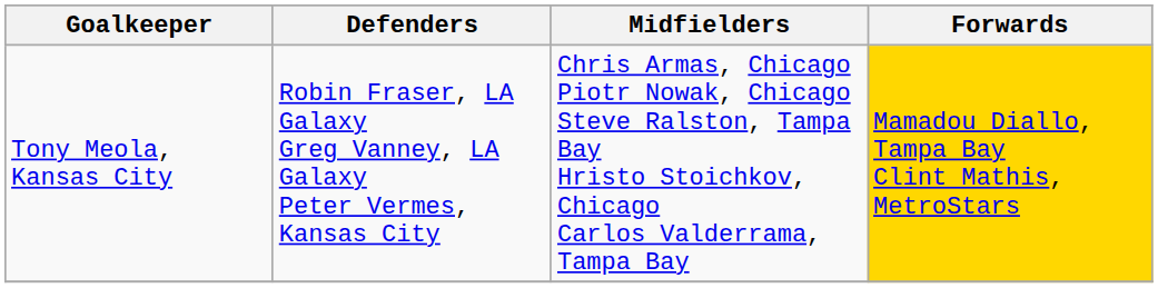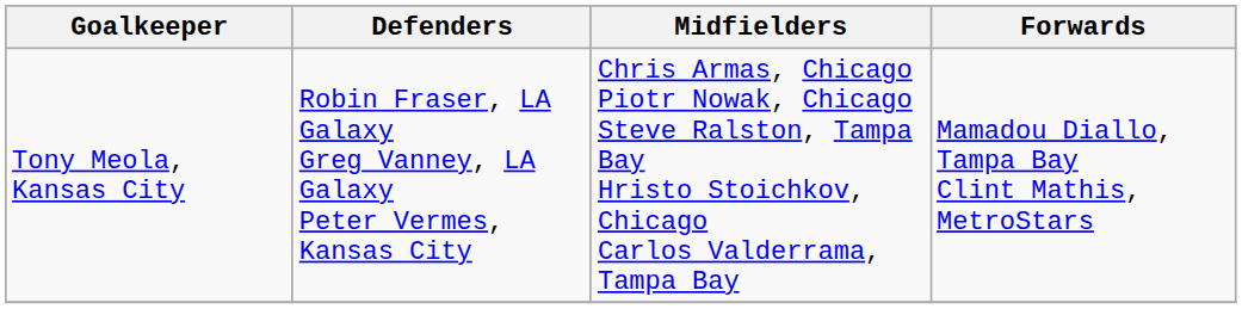 <table class="wikitable">
 <tr style="background:#cccccc;">
 <th>Goalkeeper</th>
 <th>Defenders</th>
 <th>Midfielders</th>
 <th>Forwards</th>
 </tr>
 <tr>
 <td> <a href='#'>Tony Meola</a>, <a href='#'>Kansas City</a></td>
 <td> <a href='#'>Robin Fraser</a>, <a href='#'>LA Galaxy</a> <br> <a href='#'>Greg Vanney</a>, <a href='#'>LA Galaxy</a><br> <a href='#'>Peter Vermes</a>, <a href='#'>Kansas City</a></td>
 <td> <a href='#'>Chris Armas</a>, <a href='#'>Chicago</a> <br> <a href='#'>Piotr Nowak</a>, <a href='#'>Chicago</a> <br> <a href='#'>Steve Ralston</a>, <a href='#'>Tampa Bay</a><br> <a href='#'>Hristo Stoichkov</a>, <a href='#'>Chicago</a><br> <a href='#'>Carlos Valderrama</a>, <a href='#'>Tampa Bay</a></td>
-<td style="background: gold;"> <a href='#'>Mamadou Diallo</a>, <a href='#'>Tampa Bay</a><br> <a href='#'>Clint Mathis</a>, <a href='#'>MetroStars</a></td>
+<td> <a href='#'>Mamadou Diallo</a>, <a href='#'>Tampa Bay</a><br> <a href='#'>Clint Mathis</a>, <a href='#'>MetroStars</a></td>
 </tr>
 <tr style="background:#f4f4f4;">
 </tr>
 </table>
